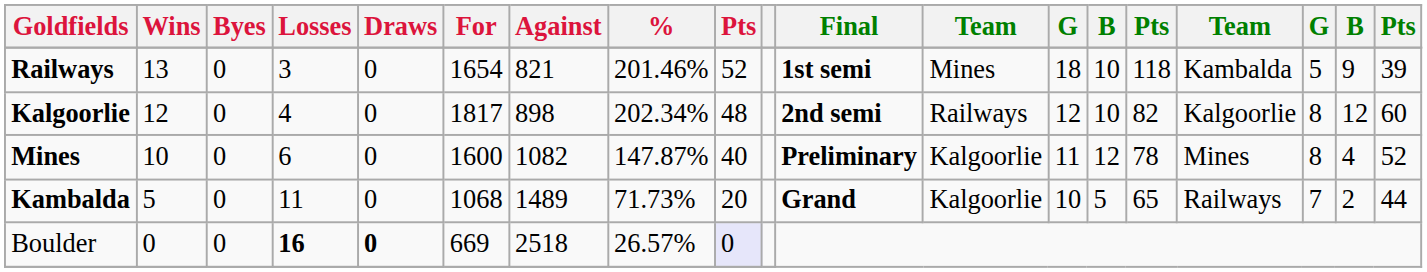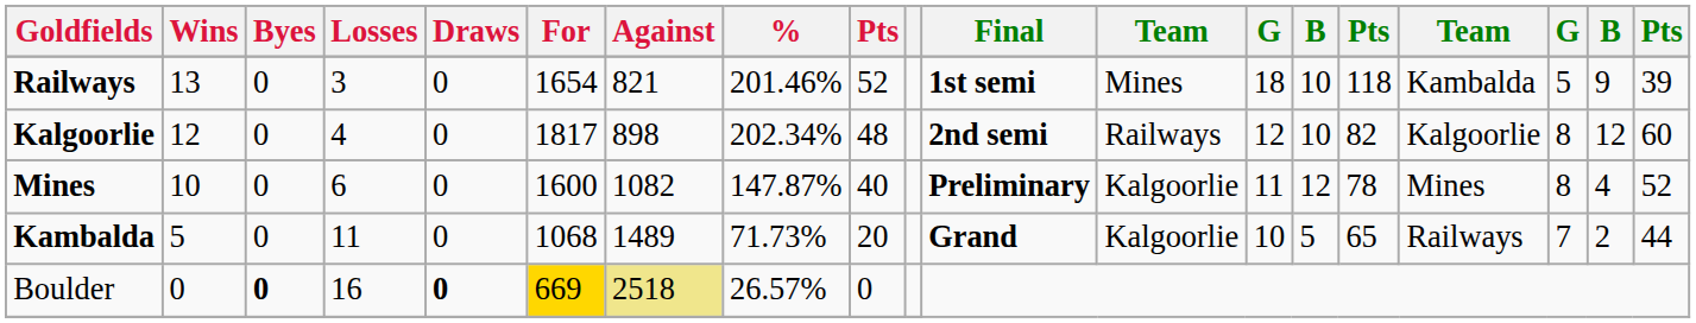 <table style="font-size: 85%; text-align: left;" class="wikitable">
 <tr>
 <th style="color:crimson">Goldfields</th>
 <th style="color:crimson">Wins</th>
 <th style="color:crimson">Byes</th>
 <th style="color:crimson">Losses</th>
 <th style="color:crimson">Draws</th>
 <th style="color:crimson">For</th>
 <th style="color:crimson">Against</th>
 <th style="color:crimson">%</th>
 <th style="color:crimson">Pts</th>
 <th></th>
 <th style="color:green">Final</th>
 <th style="color:green">Team</th>
 <th style="color:green">G</th>
 <th style="color:green">B</th>
 <th style="color:green">Pts</th>
 <th style="color:green">Team</th>
 <th style="color:green">G</th>
 <th style="color:green">B</th>
 <th style="color:green">Pts</th>
 </tr>
 <tr>
 </tr>
 <tr>
 </tr>
 <tr>
 <td><strong>	Railways	</strong></td>
 <td>13</td>
 <td>0</td>
 <td>3</td>
 <td>0</td>
 <td>1654</td>
 <td>821</td>
 <td>201.46%</td>
 <td>52</td>
 <td></td>
 <td><strong>1st semi</strong></td>
 <td>Mines</td>
 <td>18</td>
 <td>10</td>
 <td>118</td>
 <td>Kambalda</td>
 <td>5</td>
 <td>9</td>
 <td>39</td>
 </tr>
 <tr>
 <td><strong>	Kalgoorlie	</strong></td>
 <td>12</td>
 <td>0</td>
 <td>4</td>
 <td>0</td>
 <td>1817</td>
 <td>898</td>
 <td>202.34%</td>
 <td>48</td>
 <td></td>
 <td><strong>2nd semi</strong></td>
 <td>Railways</td>
 <td>12</td>
 <td>10</td>
 <td>82</td>
 <td>Kalgoorlie</td>
 <td>8</td>
 <td>12</td>
 <td>60</td>
 </tr>
 <tr>
 <td><strong>	Mines	</strong></td>
 <td>10</td>
 <td>0</td>
 <td>6</td>
 <td>0</td>
 <td>1600</td>
 <td>1082</td>
 <td>147.87%</td>
 <td>40</td>
 <td></td>
 <td><strong>Preliminary</strong></td>
 <td>Kalgoorlie</td>
 <td>11</td>
 <td>12</td>
 <td>78</td>
 <td>Mines</td>
 <td>8</td>
 <td>4</td>
 <td>52</td>
 </tr>
 <tr>
 <td><strong>	Kambalda	</strong></td>
 <td>5</td>
 <td>0</td>
 <td>11</td>
 <td>0</td>
 <td>1068</td>
 <td>1489</td>
 <td>71.73%</td>
 <td>20</td>
 <td></td>
 <td><strong>Grand</strong></td>
 <td>Kalgoorlie</td>
 <td>10</td>
 <td>5</td>
 <td>65</td>
 <td>Railways</td>
 <td>7</td>
 <td>2</td>
 <td>44</td>
 </tr>
 <tr>
 <td>Boulder</td>
 <td>0</td>
+<td><strong>0</strong></td>
+<td>16</td>
+<td><strong>0</strong></td>
+<td style="background: gold;">669</td>
+<td style="background: khaki;">2518</td>
+<td>26.57%</td>
 <td>0</td>
-<td><strong>16</strong></td>
-<td><strong>0</strong></td>
-<td>669</td>
-<td>2518</td>
-<td>26.57%</td>
-<td style="background: lavender;">0</td>
 <td></td>
 </tr>
 <tr>
 </tr>
 </table>
